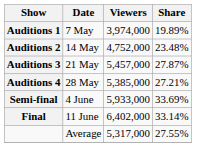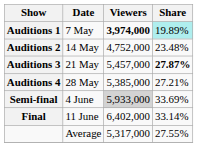 <table class="wikitable">
 <tr>
 <th>Show</th>
 <th>Date</th>
 <th>Viewers</th>
 <th>Share</th>
 </tr>
 <tr>
 <th scope="row">Auditions 1</th>
 <td>7 May</td>
-<td>3,974,000</td>
-<td>19.89%</td>
+<td><strong>3,974,000</strong></td>
+<td style="background: paleturquoise;">19.89%</td>
 </tr>
 <tr>
 <th scope="row">Auditions 2</th>
 <td>14 May</td>
 <td>4,752,000</td>
 <td>23.48%</td>
 </tr>
 <tr>
 <th scope="row">Auditions 3</th>
 <td>21 May</td>
 <td>5,457,000</td>
-<td>27.87%</td>
+<td><strong>27.87%</strong></td>
 </tr>
 <tr>
 <th scope="row">Auditions 4</th>
 <td>28 May</td>
 <td>5,385,000</td>
 <td>27.21%</td>
 </tr>
 <tr>
 <th>Semi-final</th>
 <td>4 June</td>
-<td>5,933,000</td>
+<td style="background: lightgrey;">5,933,000</td>
 <td>33.69%</td>
 </tr>
 <tr>
 <th>Final</th>
 <td>11 June</td>
 <td>6,402,000</td>
 <td>33.14%</td>
 </tr>
 <tr>
 <td></td>
 <td>Average</td>
 <td>5,317,000</td>
 <td>27.55%</td>
 </tr>
 <tr>
 </tr>
 </table>
